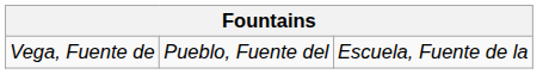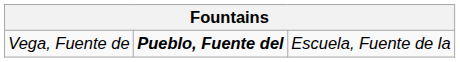 <table class="wikitable" align=>
 <tr>
 <th colspan="4">Fountains</th>
 </tr>
 <tr>
 <td><em>Vega, Fuente de</em></td>
-<td><em>Pueblo, Fuente del</em></td>
+<td><strong><em>Pueblo, Fuente del</em></strong></td>
 <td><em>Escuela, Fuente de la</em></td>
 </tr>
 </table>
